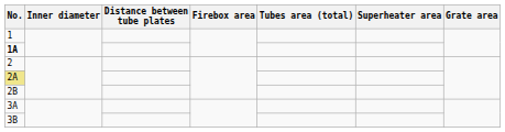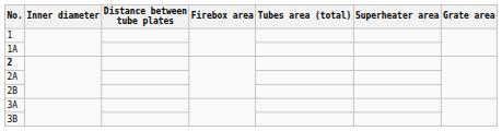 <table class="wikitable" style="margin:0.5em auto; font-size:95%;">
 <tr>
 <th>No.</th>
 <th>Inner diameter</th>
 <th>Distance between<br>tube plates</th>
 <th>Firebox area</th>
 <th>Tubes area (total)</th>
 <th>Superheater area</th>
 <th>Grate area</th>
 </tr>
 <tr>
 <td>1</td>
 <td rowspan=2></td>
 <td></td>
 <td rowspan=2></td>
 <td></td>
 <td></td>
 <td rowspan=2></td>
 </tr>
 <tr>
-<td><strong>1A</strong></td>
+<td>1A</td>
 <td></td>
 <td></td>
 <td></td>
 </tr>
 <tr>
-<td>2</td>
+<td><strong>2</strong></td>
 <td rowspan=3></td>
 <td></td>
 <td rowspan=3></td>
 <td></td>
 <td></td>
 <td rowspan=3></td>
 </tr>
 <tr>
-<td style="background: khaki;">2A</td>
+<td>2A</td>
 <td></td>
 <td></td>
 <td></td>
 </tr>
 <tr>
 <td>2B</td>
 <td></td>
 <td></td>
 <td></td>
 </tr>
 <tr>
 <td>3A</td>
 <td rowspan=2></td>
 <td></td>
 <td rowspan=2></td>
 <td></td>
 <td></td>
 <td rowspan=2></td>
 </tr>
 <tr>
 <td>3B</td>
 <td></td>
 <td></td>
 <td></td>
 </tr>
 </table>
